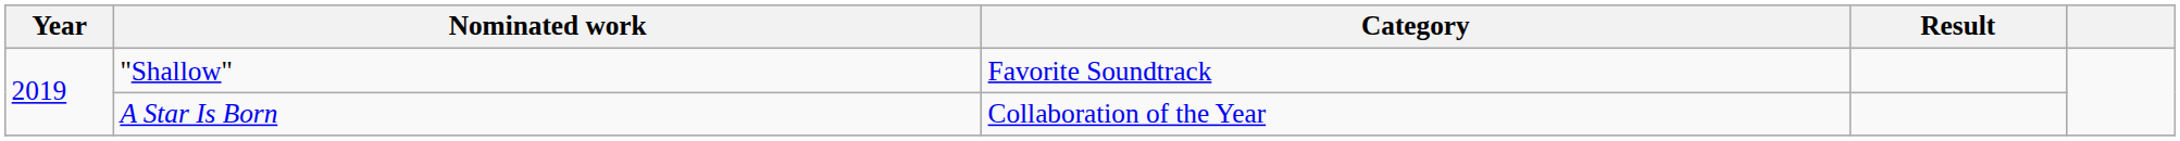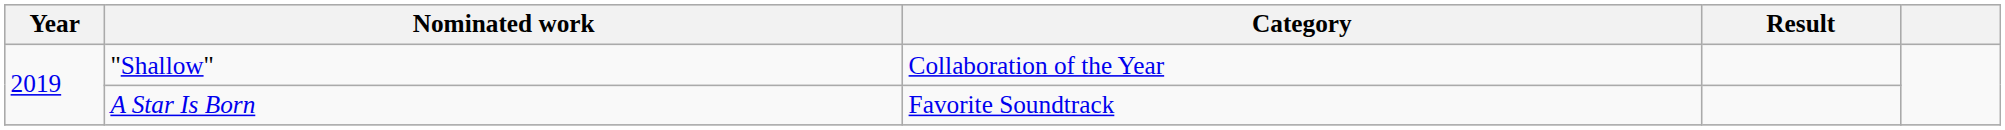 <table class="wikitable" style="width:100%;">
 <tr>
 <th width=5%>Year</th>
 <th style="width:40%;">Nominated work</th>
 <th style="width:40%;">Category</th>
 <th style="width:10%;">Result</th>
 <th width=5%></th>
 </tr>
 <tr>
 <td rowspan="2"><a href='#'>2019</a></td>
 <td>"<a href='#'>Shallow</a>"</td>
-<td><a href='#'>Favorite Soundtrack</a></td>
+<td><a href='#'>Collaboration of the Year</a></td>
 <td></td>
 <td style="text-align:center;" rowspan="2"></td>
 </tr>
 <tr>
 <td><em><a href='#'>A Star Is Born</a></em></td>
-<td><a href='#'>Collaboration of the Year</a></td>
+<td><a href='#'>Favorite Soundtrack</a></td>
 <td></td>
 </tr>
 </table>
